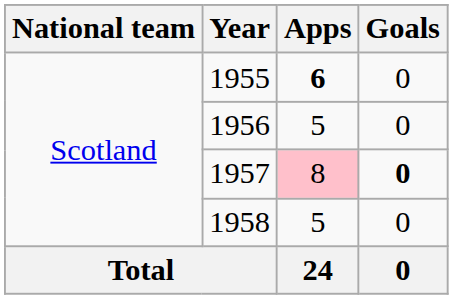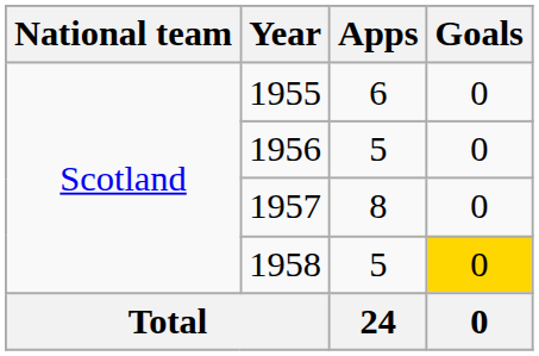 <table class=wikitable style="text-align: center">
 <tr>
 <th>National team</th>
 <th>Year</th>
 <th>Apps</th>
 <th>Goals</th>
 </tr>
 <tr>
 <td rowspan=4><a href='#'>Scotland</a></td>
 <td>1955</td>
-<td><strong>6</strong></td>
+<td>6</td>
 <td>0</td>
 </tr>
 <tr>
 <td>1956</td>
 <td>5</td>
 <td>0</td>
 </tr>
 <tr>
 <td>1957</td>
-<td style="background: pink;">8</td>
-<td><strong>0</strong></td>
+<td>8</td>
+<td>0</td>
 </tr>
 <tr>
 <td>1958</td>
 <td>5</td>
-<td>0</td>
+<td style="background: gold;">0</td>
 </tr>
 <tr>
 <th colspan=2>Total</th>
 <th>24</th>
 <th>0</th>
 </tr>
 </table>
